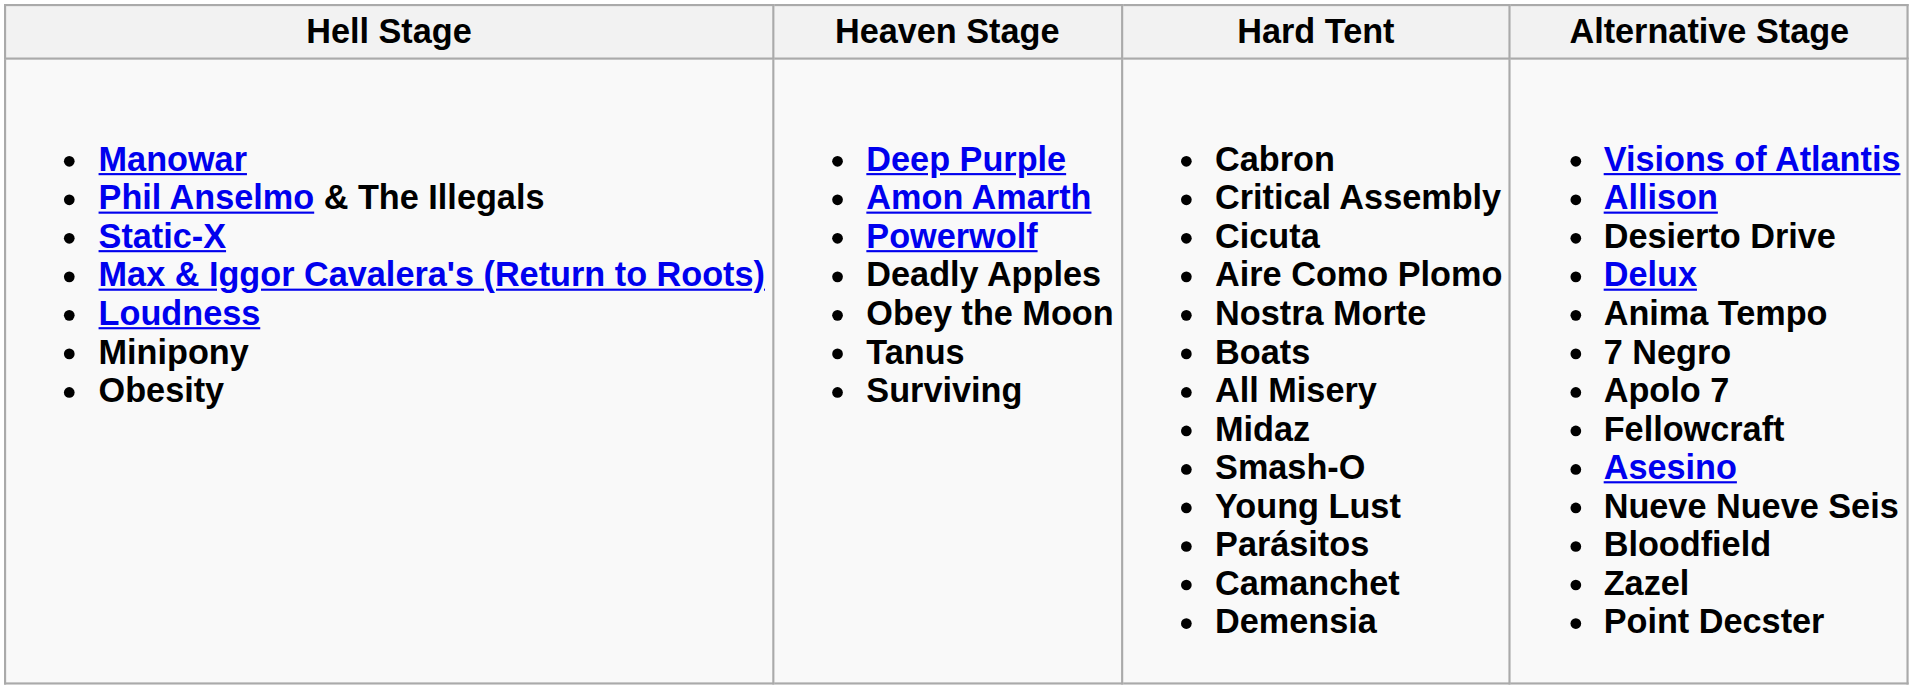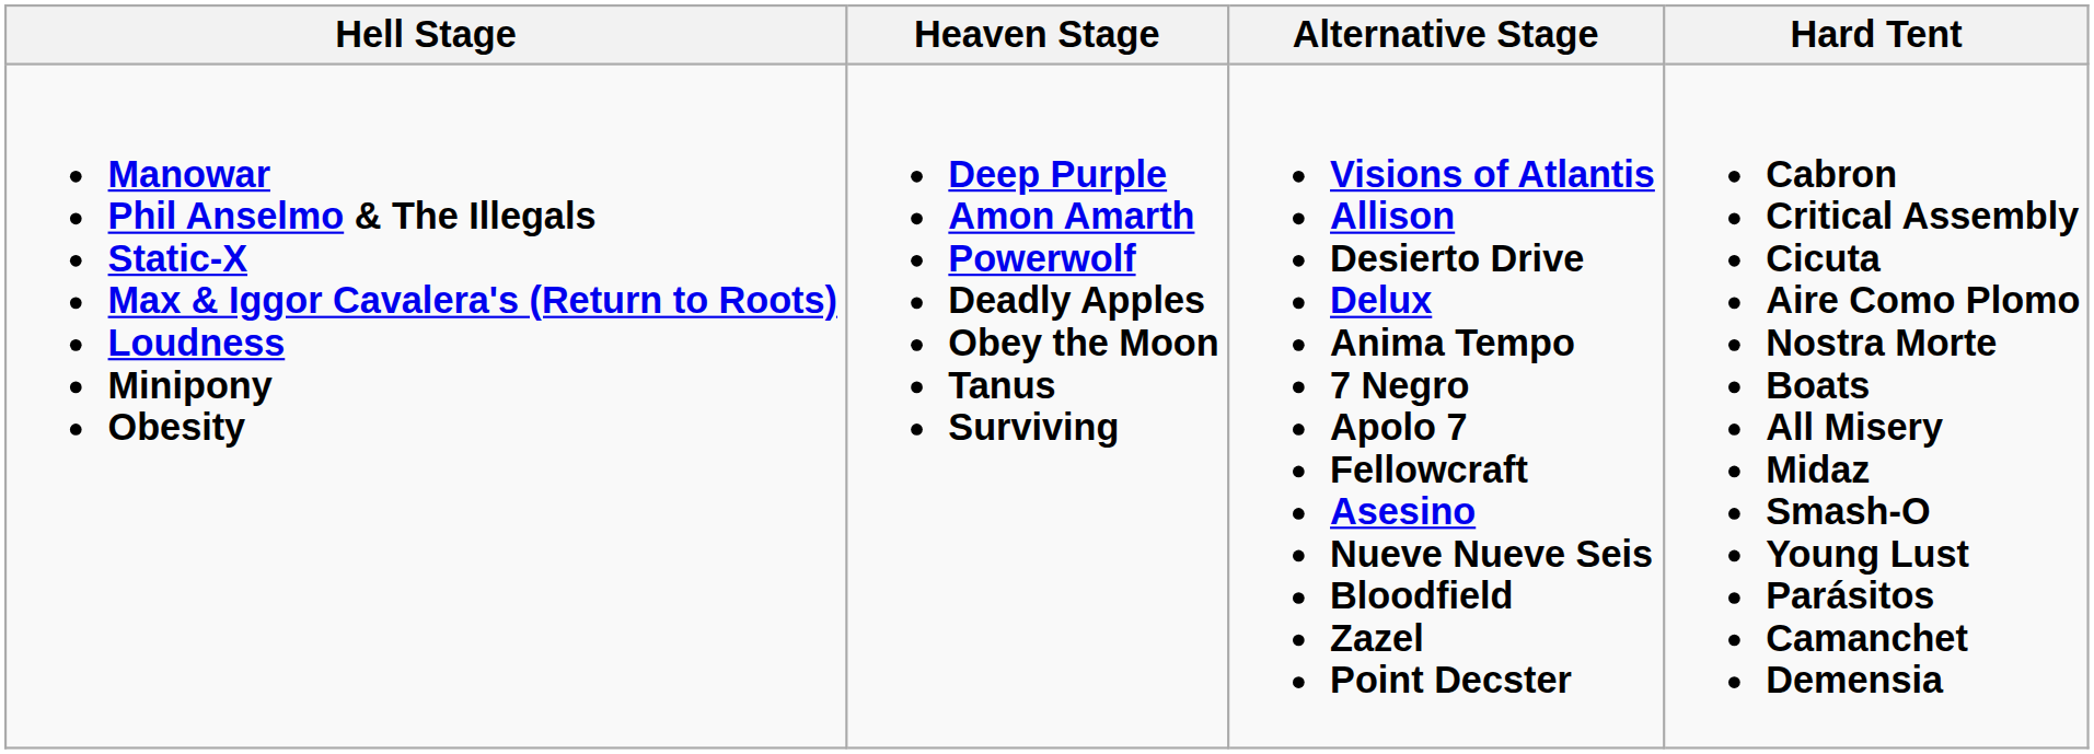 <table class="wikitable">
 <tr>
 <th>Hell Stage</th>
 <th>Heaven Stage</th>
+<th>Alternative Stage</th>
 <th>Hard Tent</th>
-<th>Alternative Stage</th>
 </tr>
 <tr valign="top">
 <td><br><ul><li><strong><a href='#'>Manowar</a></strong></li><li><strong><a href='#'>Phil Anselmo</a> & The Illegals</strong></li><li><strong><a href='#'>Static-X</a></strong></li><li><strong><a href='#'>Max & Iggor Cavalera's (Return to Roots)</a></strong></li><li><strong><a href='#'> Loudness</a></strong></li><li><strong>Minipony</strong></li><li><strong>Obesity</strong></li></ul></td>
 <td><br><ul><li><strong><a href='#'>Deep Purple</a></strong></li><li><strong><a href='#'>Amon Amarth</a></strong></li><li><strong><a href='#'>Powerwolf</a></strong></li><li><strong>Deadly Apples</strong></li><li><strong>Obey the Moon</strong></li><li><strong>Tanus</strong></li><li><strong>Surviving</strong></li></ul></td>
+<td><br><ul><li><strong><a href='#'>Visions of Atlantis</a></strong></li><li><strong><a href='#'>Allison</a></strong></li><li><strong>Desierto Drive</strong></li><li><strong><a href='#'>Delux</a></strong></li><li><strong>Anima Tempo</strong></li><li><strong>7 Negro</strong></li><li><strong>Apolo 7</strong></li><li><strong>Fellowcraft</strong></li><li><strong><a href='#'>Asesino</a></strong></li><li><strong>Nueve Nueve Seis</strong></li><li><strong>Bloodfield</strong></li><li><strong>Zazel</strong></li><li><strong>Point Decster</strong></li></ul></td>
 <td><br><ul><li><strong>Cabron</strong></li><li><strong>Critical Assembly</strong></li><li><strong>Cicuta</strong></li><li><strong>Aire Como Plomo</strong></li><li><strong>Nostra Morte</strong></li><li><strong>Boats</strong></li><li><strong>All Misery</strong></li><li><strong>Midaz</strong></li><li><strong>Smash-O</strong></li><li><strong>Young Lust</strong></li><li><strong>Parásitos</strong></li><li><strong>Camanchet</strong></li><li><strong>Demensia</strong></li></ul></td>
-<td><br><ul><li><strong><a href='#'>Visions of Atlantis</a></strong></li><li><strong><a href='#'>Allison</a></strong></li><li><strong>Desierto Drive</strong></li><li><strong><a href='#'>Delux</a></strong></li><li><strong>Anima Tempo</strong></li><li><strong>7 Negro</strong></li><li><strong>Apolo 7</strong></li><li><strong>Fellowcraft</strong></li><li><strong><a href='#'>Asesino</a></strong></li><li><strong>Nueve Nueve Seis</strong></li><li><strong>Bloodfield</strong></li><li><strong>Zazel</strong></li><li><strong>Point Decster</strong></li></ul></td>
 </tr>
 </table>
